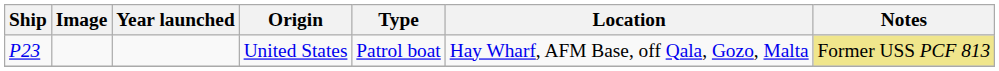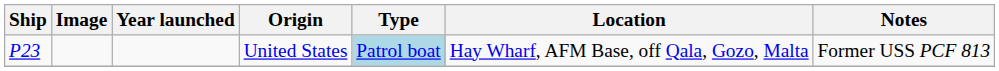 <table class="wikitable sortable">
 <tr>
 <th>Ship</th>
 <th>Image</th>
 <th>Year launched</th>
 <th>Origin</th>
 <th>Type</th>
 <th>Location</th>
 <th>Notes</th>
 </tr>
 <tr>
 <td data-sort-value=P23><em><a href='#'>P23</a></em></td>
 <td></td>
 <td></td>
 <td> <a href='#'>United States</a></td>
-<td><a href='#'>Patrol boat</a></td>
+<td style="background: lightblue;"><a href='#'>Patrol boat</a></td>
 <td><a href='#'>Hay Wharf</a>, AFM Base, off <a href='#'>Qala</a>, <a href='#'>Gozo</a>, <a href='#'>Malta</a></td>
-<td style="background: khaki;">Former USS <em>PCF 813</em></td>
+<td>Former USS <em>PCF 813</em></td>
 </tr>
 <tr>
 </tr>
 </table>
